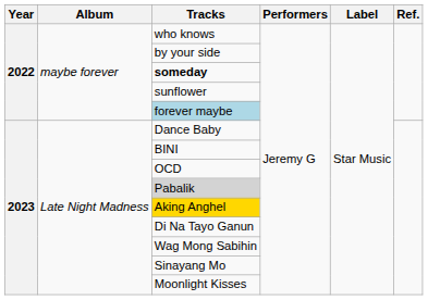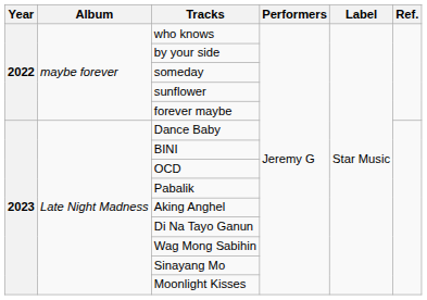 <table class="wikitable">
 <tr>
 <th>Year</th>
 <th>Album</th>
 <th>Tracks</th>
 <th>Performers</th>
 <th>Label</th>
 <th>Ref.</th>
 </tr>
 <tr>
 <th rowspan="5">2022</th>
 <td rowspan="5"><em>maybe forever</em></td>
 <td>who knows</td>
 <td rowspan="14">Jeremy G</td>
 <td rowspan="14">Star Music</td>
 <td rowspan="5"></td>
 </tr>
 <tr>
 <td>by your side</td>
 </tr>
 <tr>
-<td><strong>someday</strong></td>
+<td>someday</td>
 </tr>
 <tr>
 <td>sunflower</td>
 </tr>
 <tr>
-<td style="background: lightblue;">forever maybe</td>
+<td>forever maybe</td>
 </tr>
 <tr>
 <th rowspan="9">2023</th>
 <td rowspan="9"><em>Late Night Madness</em></td>
 <td>Dance Baby</td>
 <td rowspan="9"></td>
 </tr>
 <tr>
 <td>BINI</td>
 </tr>
 <tr>
 <td>OCD</td>
 </tr>
 <tr>
-<td style="background: lightgrey;">Pabalik</td>
+<td>Pabalik</td>
 </tr>
 <tr>
-<td style="background: gold;">Aking Anghel</td>
+<td>Aking Anghel</td>
 </tr>
 <tr>
 <td>Di Na Tayo Ganun</td>
 </tr>
 <tr>
 <td>Wag Mong Sabihin</td>
 </tr>
 <tr>
 <td>Sinayang Mo</td>
 </tr>
 <tr>
 <td>Moonlight Kisses</td>
 </tr>
 </table>
